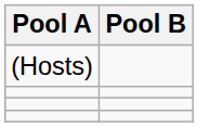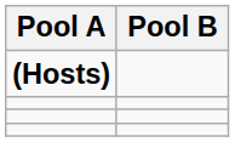 <table class="wikitable">
 <tr>
 <th width=50%>Pool A</th>
 <th width=50%>Pool B</th>
 </tr>
 <tr>
-<td> (Hosts)</td>
+<td><strong> (Hosts)</strong></td>
 <td></td>
 </tr>
 <tr>
 <td></td>
 <td></td>
 </tr>
 <tr>
 <td></td>
 <td></td>
 </tr>
 <tr>
 <td></td>
 <td></td>
 </tr>
 </table>
